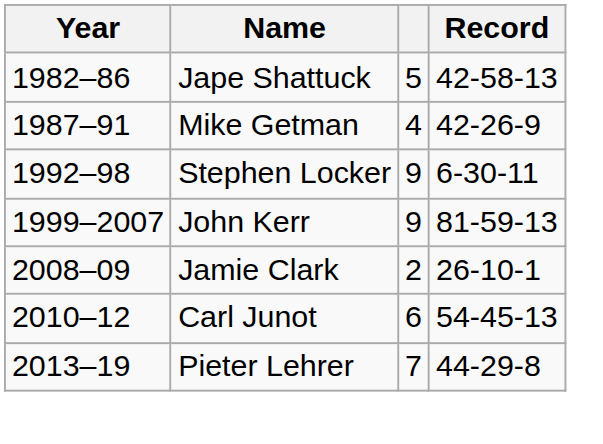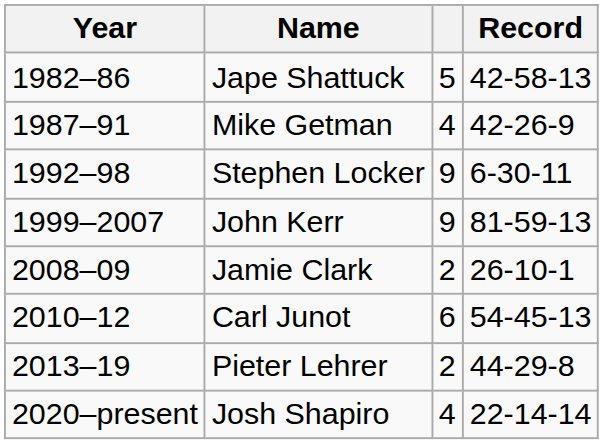 <table class="wikitable" style="width: %;">
 <tr>
 <th>Year</th>
 <th>Name</th>
 <th></th>
 <th>Record</th>
 </tr>
 <tr>
 <td>1982–86</td>
 <td>Jape Shattuck</td>
 <td>5</td>
 <td>42-58-13</td>
 </tr>
 <tr>
 <td>1987–91</td>
 <td>Mike Getman</td>
 <td>4</td>
 <td>42-26-9</td>
 </tr>
 <tr>
 <td>1992–98</td>
 <td>Stephen Locker</td>
 <td>9</td>
 <td>6-30-11</td>
 </tr>
 <tr>
 <td>1999–2007</td>
 <td>John Kerr</td>
 <td>9</td>
 <td>81-59-13</td>
 </tr>
 <tr>
 <td>2008–09</td>
 <td>Jamie Clark</td>
 <td>2</td>
 <td>26-10-1</td>
 </tr>
 <tr>
 <td>2010–12</td>
 <td>Carl Junot</td>
 <td>6</td>
 <td>54-45-13</td>
 </tr>
 <tr>
 <td>2013–19</td>
 <td>Pieter Lehrer</td>
-<td>7</td>
+<td>2</td>
 <td>44-29-8</td>
 </tr>
+<tr>
+<td>2020–present</td>
+<td>Josh Shapiro</td>
+<td>4</td>
+<td>22-14-14</td>
+</tr>
 </table>
